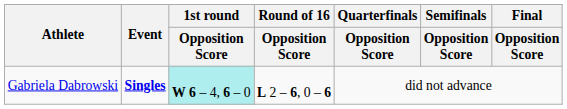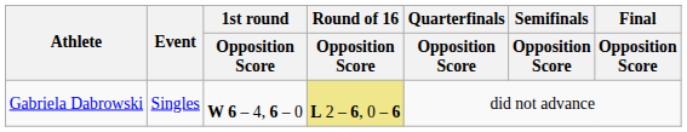 <table class="wikitable" border="1" style="font-size:90%">
 <tr>
 <th rowspan=2>Athlete</th>
 <th rowspan=2>Event</th>
 <th>1st round</th>
 <th>Round of 16</th>
 <th>Quarterfinals</th>
 <th>Semifinals</th>
 <th>Final</th>
 </tr>
 <tr>
 <th>Opposition<br>Score</th>
 <th>Opposition<br>Score</th>
 <th>Opposition<br>Score</th>
 <th>Opposition<br>Score</th>
 <th>Opposition<br>Score</th>
 </tr>
 <tr>
 <td><a href='#'>Gabriela Dabrowski</a></td>
-<td><strong><a href='#'>Singles</a></strong></td>
-<td align=center style="background: paleturquoise;"><br><strong>W</strong> <strong>6</strong> – 4, <strong>6</strong> – 0</td>
-<td align=center><br><strong>L</strong> 2 – <strong>6</strong>, 0 – <strong>6</strong></td>
+<td><a href='#'>Singles</a></td>
+<td align=center><br><strong>W</strong> <strong>6</strong> – 4, <strong>6</strong> – 0</td>
+<td align=center style="background: khaki;"><br><strong>L</strong> 2 – <strong>6</strong>, 0 – <strong>6</strong></td>
 <td align="center" colspan="7">did not advance</td>
 </tr>
 </table>
